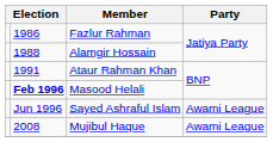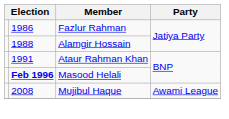 <table class="wikitable">
 <tr>
 <th colspan="2">Election</th>
 <th>Member</th>
 <th>Party</th>
 </tr>
 <tr>
 <td style="background-color:"></td>
 <td><a href='#'>1986</a></td>
 <td><a href='#'>Fazlur Rahman</a></td>
 <td rowspan="2"><a href='#'>Jatiya Party</a></td>
 </tr>
 <tr>
 <td style="background-color:"></td>
 <td><a href='#'>1988</a></td>
 <td><a href='#'>Alamgir Hossain</a></td>
 </tr>
 <tr>
 <td style="background-color:"></td>
 <td><a href='#'>1991</a></td>
 <td><a href='#'>Ataur Rahman Khan</a></td>
 <td rowspan="2"><a href='#'>BNP</a></td>
 </tr>
 <tr>
 <td style="background-color:"></td>
 <td><strong><a href='#'>Feb 1996</a></strong></td>
 <td><a href='#'>Masood Helali</a></td>
 </tr>
 <tr>
 <td style="background-color:"></td>
-<td><a href='#'>Jun 1996</a></td>
-<td><a href='#'>Sayed Ashraful Islam</a></td>
-<td><a href='#'>Awami League</a></td>
-</tr>
-<tr>
-<td style="background-color:"></td>
 <td><a href='#'>2008</a></td>
 <td><a href='#'>Mujibul Haque</a></td>
 <td><a href='#'>Awami League</a></td>
 </tr>
 <tr>
 </tr>
 </table>
